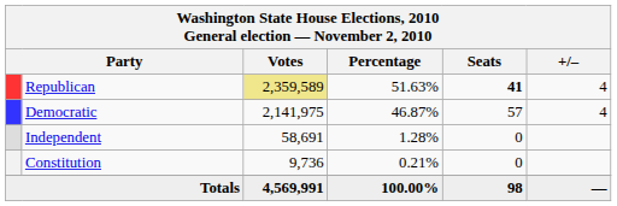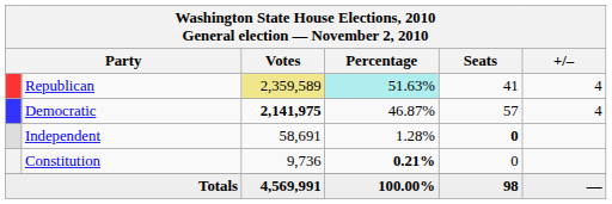 <table class="wikitable" style="font-size: 95%;">
 <tr>
 <th colspan="6">Washington State House Elections, 2010<br>General election — November 2, 2010</th>
 </tr>
 <tr>
 <th colspan="2" style="width: 15em">Party</th>
 <th style="width: 5em">Votes</th>
 <th style="width: 7em">Percentage</th>
 <th style="width: 5em">Seats</th>
 <th style="width: 5em">+/–</th>
 </tr>
 <tr>
 <th style="background-color:#FF3333; width: 3px"></th>
 <td style="width: 130px"><a href='#'>Republican</a></td>
 <td align="right" style="background: khaki;">2,359,589</td>
-<td align="right">51.63%</td>
-<td align="right"><strong>41</strong></td>
+<td align="right" style="background: paleturquoise;">51.63%</td>
+<td align="right">41</td>
 <td align="right"> 4</td>
 </tr>
 <tr>
 <th style="background-color:#3333FF; width: 3px"></th>
 <td style="width: 130px"><a href='#'>Democratic</a></td>
-<td align="right">2,141,975</td>
+<td align="right"><strong>2,141,975</strong></td>
 <td align="right">46.87%</td>
 <td align="right">57</td>
 <td align="right"> 4</td>
 </tr>
 <tr>
 <th style="background-color:#DDDDDD; width: 3px"></th>
 <td style="width: 130px"><a href='#'>Independent</a></td>
 <td align="right">58,691</td>
 <td align="right">1.28%</td>
-<td align="right">0</td>
+<td align="right"><strong>0</strong></td>
 <td align="right"></td>
 </tr>
 <tr>
 <th style="background-color:"></th>
 <td style="width: 130px"><a href='#'>Constitution</a></td>
 <td align="right">9,736</td>
-<td align="right">0.21%</td>
+<td align="right"><strong>0.21%</strong></td>
 <td align="right">0</td>
 <td align="right"></td>
 </tr>
 <tr>
 </tr>
 <tr bgcolor="#EEEEEE">
 <td colspan="2" align="right"><strong>Totals</strong></td>
 <td align="right"><strong>4,569,991</strong></td>
 <td align="right"><strong>100.00%</strong></td>
 <td align="right"><strong>98</strong></td>
 <td align="right"><strong>—</strong></td>
 </tr>
 </table>
